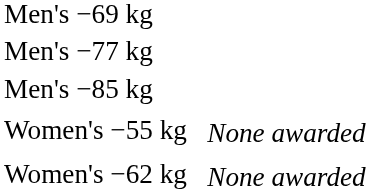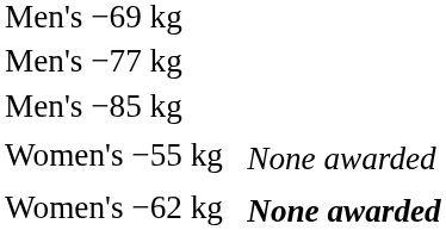 <table>
 <tr>
 <td rowspan=2>Men's −69 kg</td>
 <td rowspan=2></td>
 <td rowspan=2></td>
 <td></td>
 </tr>
 <tr>
 <td></td>
 </tr>
 <tr>
 <td rowspan=2>Men's −77 kg</td>
 <td rowspan=2></td>
 <td rowspan=2></td>
 <td></td>
 </tr>
 <tr>
 <td></td>
 </tr>
 <tr>
 <td rowspan=2>Men's −85 kg</td>
 <td rowspan=2></td>
 <td rowspan=2></td>
 <td></td>
 </tr>
 <tr>
 <td></td>
 </tr>
 <tr>
 <td rowspan=2>Women's −55 kg</td>
 <td rowspan=2></td>
 <td rowspan=2></td>
 <td></td>
 </tr>
 <tr>
 <td><em>None awarded</em></td>
 </tr>
 <tr>
 <td rowspan=2>Women's −62 kg</td>
 <td rowspan=2></td>
 <td rowspan=2></td>
 <td></td>
 </tr>
 <tr>
-<td><em>None awarded</em></td>
+<td><strong><em>None awarded</em></strong></td>
 </tr>
 </table>
